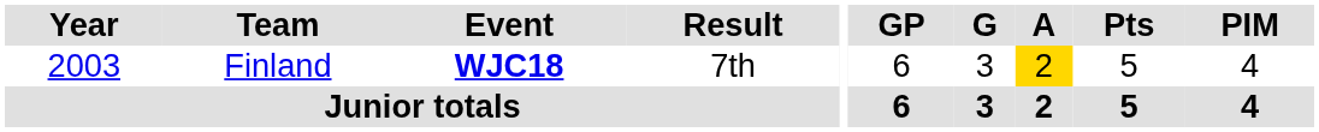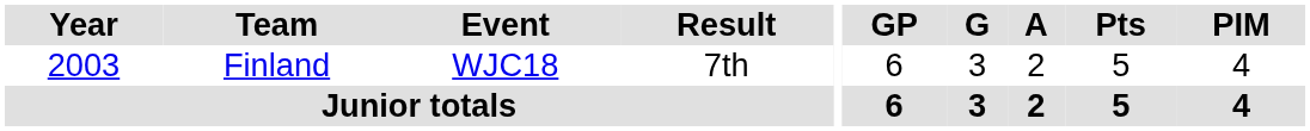 <table border="0" cellpadding="1" cellspacing="0" ID="Table3" style="text-align:center; width:40em">
 <tr ALIGN="center" bgcolor="#e0e0e0">
 <th>Year</th>
 <th>Team</th>
 <th>Event</th>
 <th>Result</th>
 <th rowspan="99" bgcolor="#ffffff"></th>
 <th>GP</th>
 <th>G</th>
 <th>A</th>
 <th>Pts</th>
 <th>PIM</th>
 </tr>
 <tr>
 <td><a href='#'>2003</a></td>
 <td><a href='#'>Finland</a></td>
-<td><strong><a href='#'>WJC18</a></strong></td>
+<td><a href='#'>WJC18</a></td>
 <td>7th</td>
 <td>6</td>
 <td>3</td>
-<td style="background: gold;">2</td>
+<td>2</td>
 <td>5</td>
 <td>4</td>
 </tr>
 <tr bgcolor="#e0e0e0">
 <th colspan="4">Junior totals</th>
 <th>6</th>
 <th>3</th>
 <th>2</th>
 <th>5</th>
 <th>4</th>
 </tr>
 </table>
